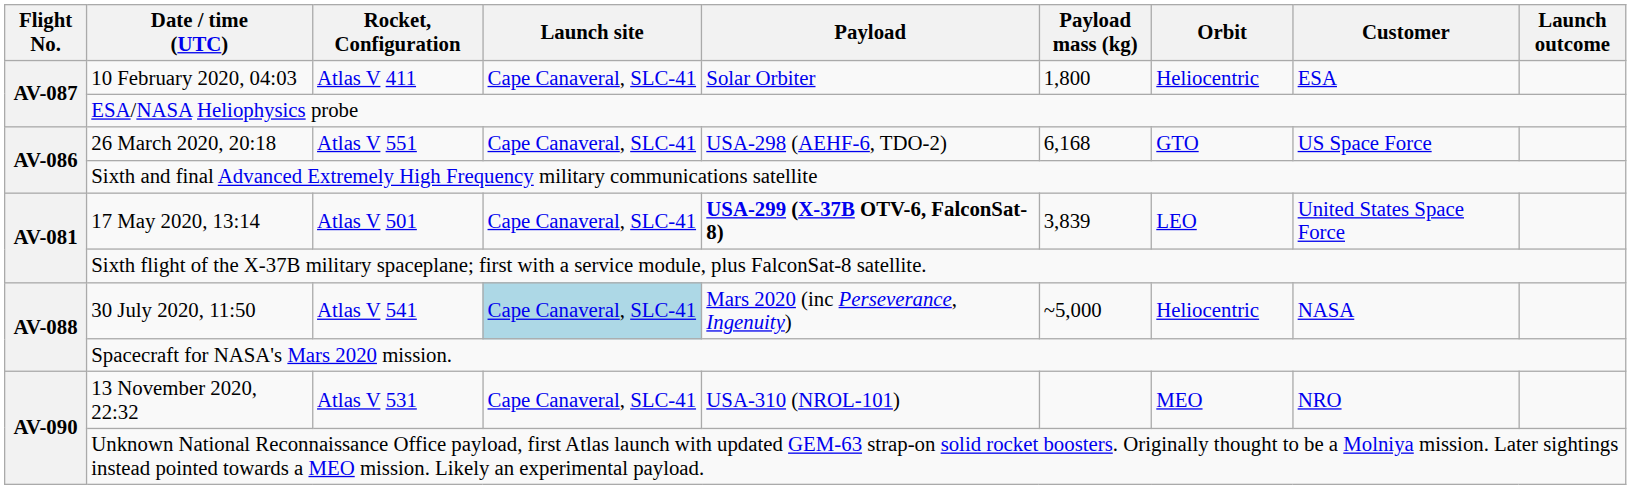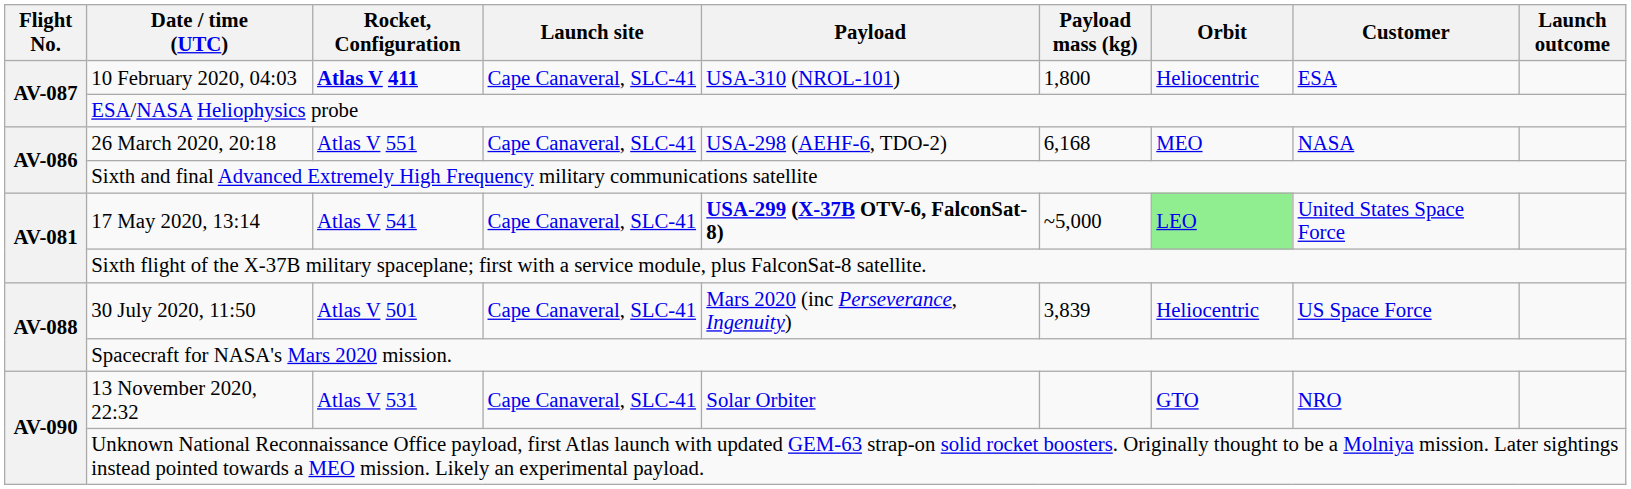 <table class="wikitable sticky-header">
 <tr>
 <th scope="col">Flight No.</th>
 <th scope="col">Date / time<br>(<a href='#'>UTC</a>)</th>
 <th scope="col">Rocket,<br>Configuration</th>
 <th scope="col">Launch site</th>
 <th scope="col">Payload</th>
 <th scope="col">Payload<br>mass (kg)</th>
 <th scope="col">Orbit</th>
 <th scope="col">Customer</th>
 <th scope="col">Launch<br>outcome</th>
 </tr>
 <tr>
 <th scope="row" rowspan=2 style="text-align:center;">AV-087</th>
 <td>10 February 2020, 04:03</td>
-<td><a href='#'>Atlas V</a> <a href='#'>411</a></td>
+<td><strong><a href='#'>Atlas V</a> <a href='#'>411</a></strong></td>
 <td><a href='#'>Cape Canaveral</a>, <a href='#'>SLC-41</a></td>
-<td><a href='#'>Solar Orbiter</a></td>
+<td><a href='#'>USA-310</a> (<a href='#'>NROL-101</a>)</td>
 <td>1,800</td>
 <td><a href='#'>Heliocentric</a></td>
 <td><a href='#'>ESA</a></td>
 <td></td>
 </tr>
 <tr>
 <td colspan="8"><a href='#'>ESA</a>/<a href='#'>NASA</a> <a href='#'>Heliophysics</a> probe</td>
 </tr>
 <tr>
 <th scope="row" rowspan=2 style="text-align:center;">AV-086</th>
 <td>26 March 2020, 20:18</td>
 <td><a href='#'>Atlas V</a> <a href='#'>551</a></td>
 <td><a href='#'>Cape Canaveral</a>, <a href='#'>SLC-41</a></td>
 <td><a href='#'>USA-298</a> (<a href='#'>AEHF-6</a>, TDO-2)</td>
 <td>6,168</td>
-<td><a href='#'>GTO</a></td>
-<td><a href='#'>US Space Force</a></td>
+<td><a href='#'>MEO</a></td>
+<td><a href='#'>NASA</a></td>
 <td></td>
 </tr>
 <tr>
 <td colspan="8">Sixth and final <a href='#'>Advanced Extremely High Frequency</a> military communications satellite</td>
 </tr>
 <tr>
 <th scope="row" rowspan=2 style="text-align:center;">AV-081</th>
 <td>17 May 2020, 13:14</td>
-<td><a href='#'>Atlas V</a> <a href='#'>501</a></td>
+<td><a href='#'>Atlas V</a> <a href='#'>541</a></td>
 <td><a href='#'>Cape Canaveral</a>, <a href='#'>SLC-41</a></td>
 <td><strong><a href='#'>USA-299</a> (<a href='#'>X-37B</a> OTV-6, FalconSat-8)</strong></td>
-<td>3,839</td>
-<td><a href='#'>LEO</a></td>
+<td>~5,000</td>
+<td style="background: lightgreen;"><a href='#'>LEO</a></td>
 <td><a href='#'>United States Space Force</a></td>
 <td></td>
 </tr>
 <tr>
 <td colspan="8">Sixth flight of the X-37B military spaceplane; first with a service module, plus FalconSat-8 satellite.</td>
 </tr>
 <tr>
 <th scope="row" rowspan = 2 style="text-align:center;">AV-088</th>
 <td>30 July 2020, 11:50</td>
-<td><a href='#'>Atlas V</a> <a href='#'>541</a></td>
-<td style="background: lightblue;"><a href='#'>Cape Canaveral</a>, <a href='#'>SLC-41</a></td>
+<td><a href='#'>Atlas V</a> <a href='#'>501</a></td>
+<td><a href='#'>Cape Canaveral</a>, <a href='#'>SLC-41</a></td>
 <td><a href='#'>Mars 2020</a> (inc <em><a href='#'>Perseverance</a></em>, <em><a href='#'>Ingenuity</a></em>)</td>
-<td>~5,000</td>
+<td>3,839</td>
 <td><a href='#'>Heliocentric</a></td>
-<td><a href='#'>NASA</a></td>
+<td><a href='#'>US Space Force</a></td>
 <td></td>
 </tr>
 <tr>
 <td colspan="8">Spacecraft for NASA's <a href='#'>Mars 2020</a> mission.</td>
 </tr>
 <tr>
 <th scope="row" rowspan = 2 style="text-align:center;">AV-090</th>
 <td>13 November 2020, 22:32</td>
 <td><a href='#'>Atlas V</a> <a href='#'>531</a></td>
 <td><a href='#'>Cape Canaveral</a>, <a href='#'>SLC-41</a></td>
-<td><a href='#'>USA-310</a> (<a href='#'>NROL-101</a>)</td>
+<td><a href='#'>Solar Orbiter</a></td>
 <td></td>
-<td><a href='#'>MEO</a></td>
+<td><a href='#'>GTO</a></td>
 <td><a href='#'>NRO</a></td>
 <td></td>
 </tr>
 <tr>
 <td colspan="8">Unknown National Reconnaissance Office payload, first Atlas launch with updated <a href='#'>GEM-63</a> strap-on <a href='#'>solid rocket boosters</a>. Originally thought to be a <a href='#'>Molniya</a> mission. Later sightings instead pointed towards a <a href='#'>MEO</a> mission. Likely an experimental payload.</td>
 </tr>
 </table>
